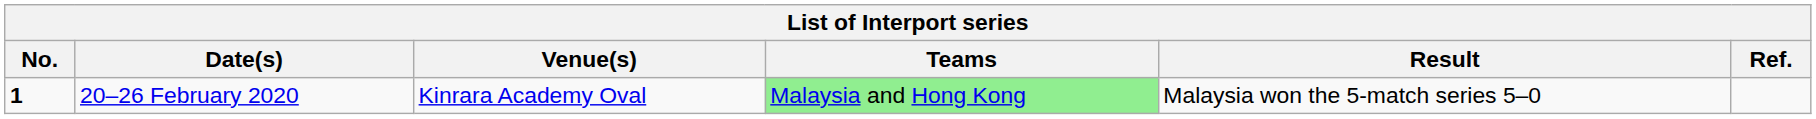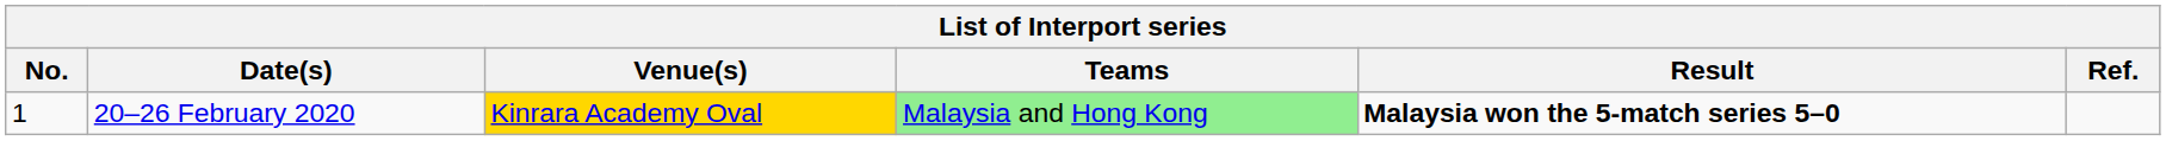 <table class="wikitable" width="100%">
 <tr>
 <th bgcolor="#efefef" colspan=14>List of Interport series</th>
 </tr>
 <tr bgcolor="#efefef">
 <th>No.</th>
 <th>Date(s)</th>
 <th>Venue(s)</th>
 <th>Teams</th>
 <th>Result</th>
 <th>Ref.</th>
 </tr>
 <tr>
-<td><strong>1</strong></td>
+<td>1</td>
 <td><a href='#'>20–26 February 2020</a></td>
-<td><a href='#'>Kinrara Academy Oval</a></td>
+<td style="background: gold;"><a href='#'>Kinrara Academy Oval</a></td>
 <td style="background: lightgreen;"><a href='#'>Malaysia</a> and <a href='#'>Hong Kong</a></td>
-<td>Malaysia won the 5-match series 5–0</td>
+<td><strong>Malaysia won the 5-match series 5–0</strong></td>
 <td></td>
 </tr>
 </table>
